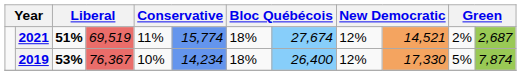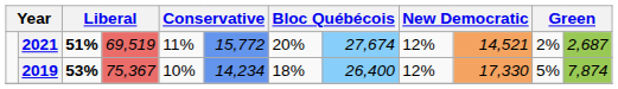 <table class="wikitable" style="float:right; width:400; font-size:90%; margin-left:1em;">
 <tr>
 <th colspan="2" scope="col">Year</th>
 <th colspan="2" scope="col"><a href='#'>Liberal</a></th>
 <th colspan="2" scope="col"><a href='#'>Conservative</a></th>
 <th colspan="2" scope="col"><a href='#'>Bloc Québécois</a></th>
 <th colspan="2" scope="col"><a href='#'>New Democratic</a></th>
 <th colspan="2" scope="col"><a href='#'>Green</a></th>
 </tr>
 <tr>
 <td rowspan="2" style="width: 0.25em; background-color: "></td>
 <th><a href='#'>2021</a></th>
 <td><strong>51%</strong></td>
 <td style="text-align:right; background:#EA6D6A;"><em>69,519</em></td>
 <td>11%</td>
-<td style="text-align:right; background:#6495ED;"><em>15,774</em></td>
-<td>18%</td>
+<td style="text-align:right; background:#6495ED;"><em>15,772</em></td>
+<td>20%</td>
 <td style="text-align:right; background:#87CEFA;"><em>27,674</em></td>
 <td>12%</td>
 <td style="text-align:right; background:#F4A460;"><em>14,521</em></td>
 <td>2%</td>
 <td style="text-align:right; background:#99C955;"><em>2,687</em></td>
 </tr>
 <tr>
 <th><a href='#'>2019</a></th>
 <td><strong>53%</strong></td>
-<td style="text-align:right; background:#EA6D6A;"><em>76,367</em></td>
+<td style="text-align:right; background:#EA6D6A;"><em>75,367</em></td>
 <td>10%</td>
 <td style="text-align:right; background:#6495ED;"><em>14,234</em></td>
 <td>18%</td>
 <td style="text-align:right; background:#87CEFA;"><em>26,400</em></td>
 <td>12%</td>
 <td style="text-align:right; background:#F4A460;"><em>17,330</em></td>
 <td>5%</td>
 <td style="text-align:right; background:#99C955;"><em>7,874</em></td>
 </tr>
 <tr>
 </tr>
 </table>
